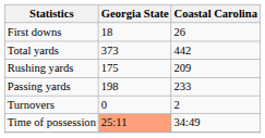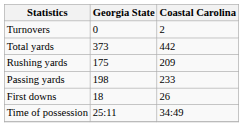 <table class="wikitable">
 <tr>
 <th>Statistics</th>
 <th>Georgia State</th>
 <th>Coastal Carolina</th>
 </tr>
 <tr>
-<td>First downs</td>
-<td>18</td>
-<td>26</td>
+<td>Turnovers</td>
+<td>0</td>
+<td>2</td>
 </tr>
 <tr>
 <td>Total yards</td>
 <td>373</td>
 <td>442</td>
 </tr>
 <tr>
 <td>Rushing yards</td>
 <td>175</td>
 <td>209</td>
 </tr>
 <tr>
 <td>Passing yards</td>
 <td>198</td>
 <td>233</td>
 </tr>
 <tr>
-<td>Turnovers</td>
-<td>0</td>
-<td>2</td>
+<td>First downs</td>
+<td>18</td>
+<td>26</td>
 </tr>
 <tr>
 <td>Time of possession</td>
-<td style="background: lightsalmon;">25:11</td>
+<td>25:11</td>
 <td>34:49</td>
 </tr>
 <tr>
 </tr>
 </table>
